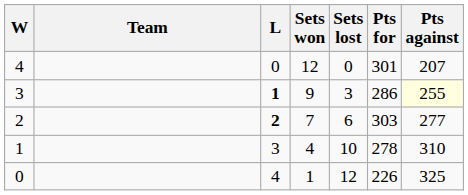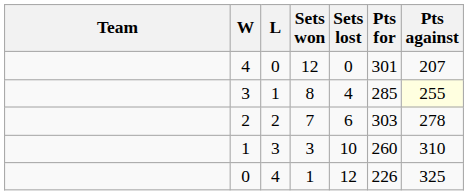 <table class="wikitable" style="text-align:center">
 <tr>
+<th width=200>Team</th>
 <th width=20>W</th>
-<th width=200>Team</th>
 <th width=20>L</th>
 <th width=20>Sets won</th>
 <th width=20>Sets lost</th>
 <th width=20>Pts for</th>
 <th width=20>Pts against</th>
 </tr>
 <tr>
+<td style="text-align:left;"></td>
 <td>4</td>
-<td style="text-align:left;"></td>
 <td>0</td>
 <td>12</td>
 <td>0</td>
 <td>301</td>
 <td>207</td>
 </tr>
 <tr>
+<td style="text-align:left;"></td>
 <td>3</td>
-<td style="text-align:left;"></td>
-<td><strong>1</strong></td>
-<td>9</td>
-<td>3</td>
-<td>286</td>
+<td>1</td>
+<td>8</td>
+<td>4</td>
+<td>285</td>
 <td style="background: lightyellow;">255</td>
 </tr>
 <tr>
+<td style="text-align:left;"></td>
 <td>2</td>
-<td style="text-align:left;"></td>
-<td><strong>2</strong></td>
+<td>2</td>
 <td>7</td>
 <td>6</td>
 <td>303</td>
-<td>277</td>
+<td>278</td>
 </tr>
 <tr>
+<td style="text-align:left;"></td>
 <td>1</td>
-<td style="text-align:left;"></td>
 <td>3</td>
-<td>4</td>
+<td>3</td>
 <td>10</td>
-<td>278</td>
+<td>260</td>
 <td>310</td>
 </tr>
 <tr>
+<td style="text-align:left;"></td>
 <td>0</td>
-<td style="text-align:left;"></td>
 <td>4</td>
 <td>1</td>
 <td>12</td>
 <td>226</td>
 <td>325</td>
 </tr>
 </table>
